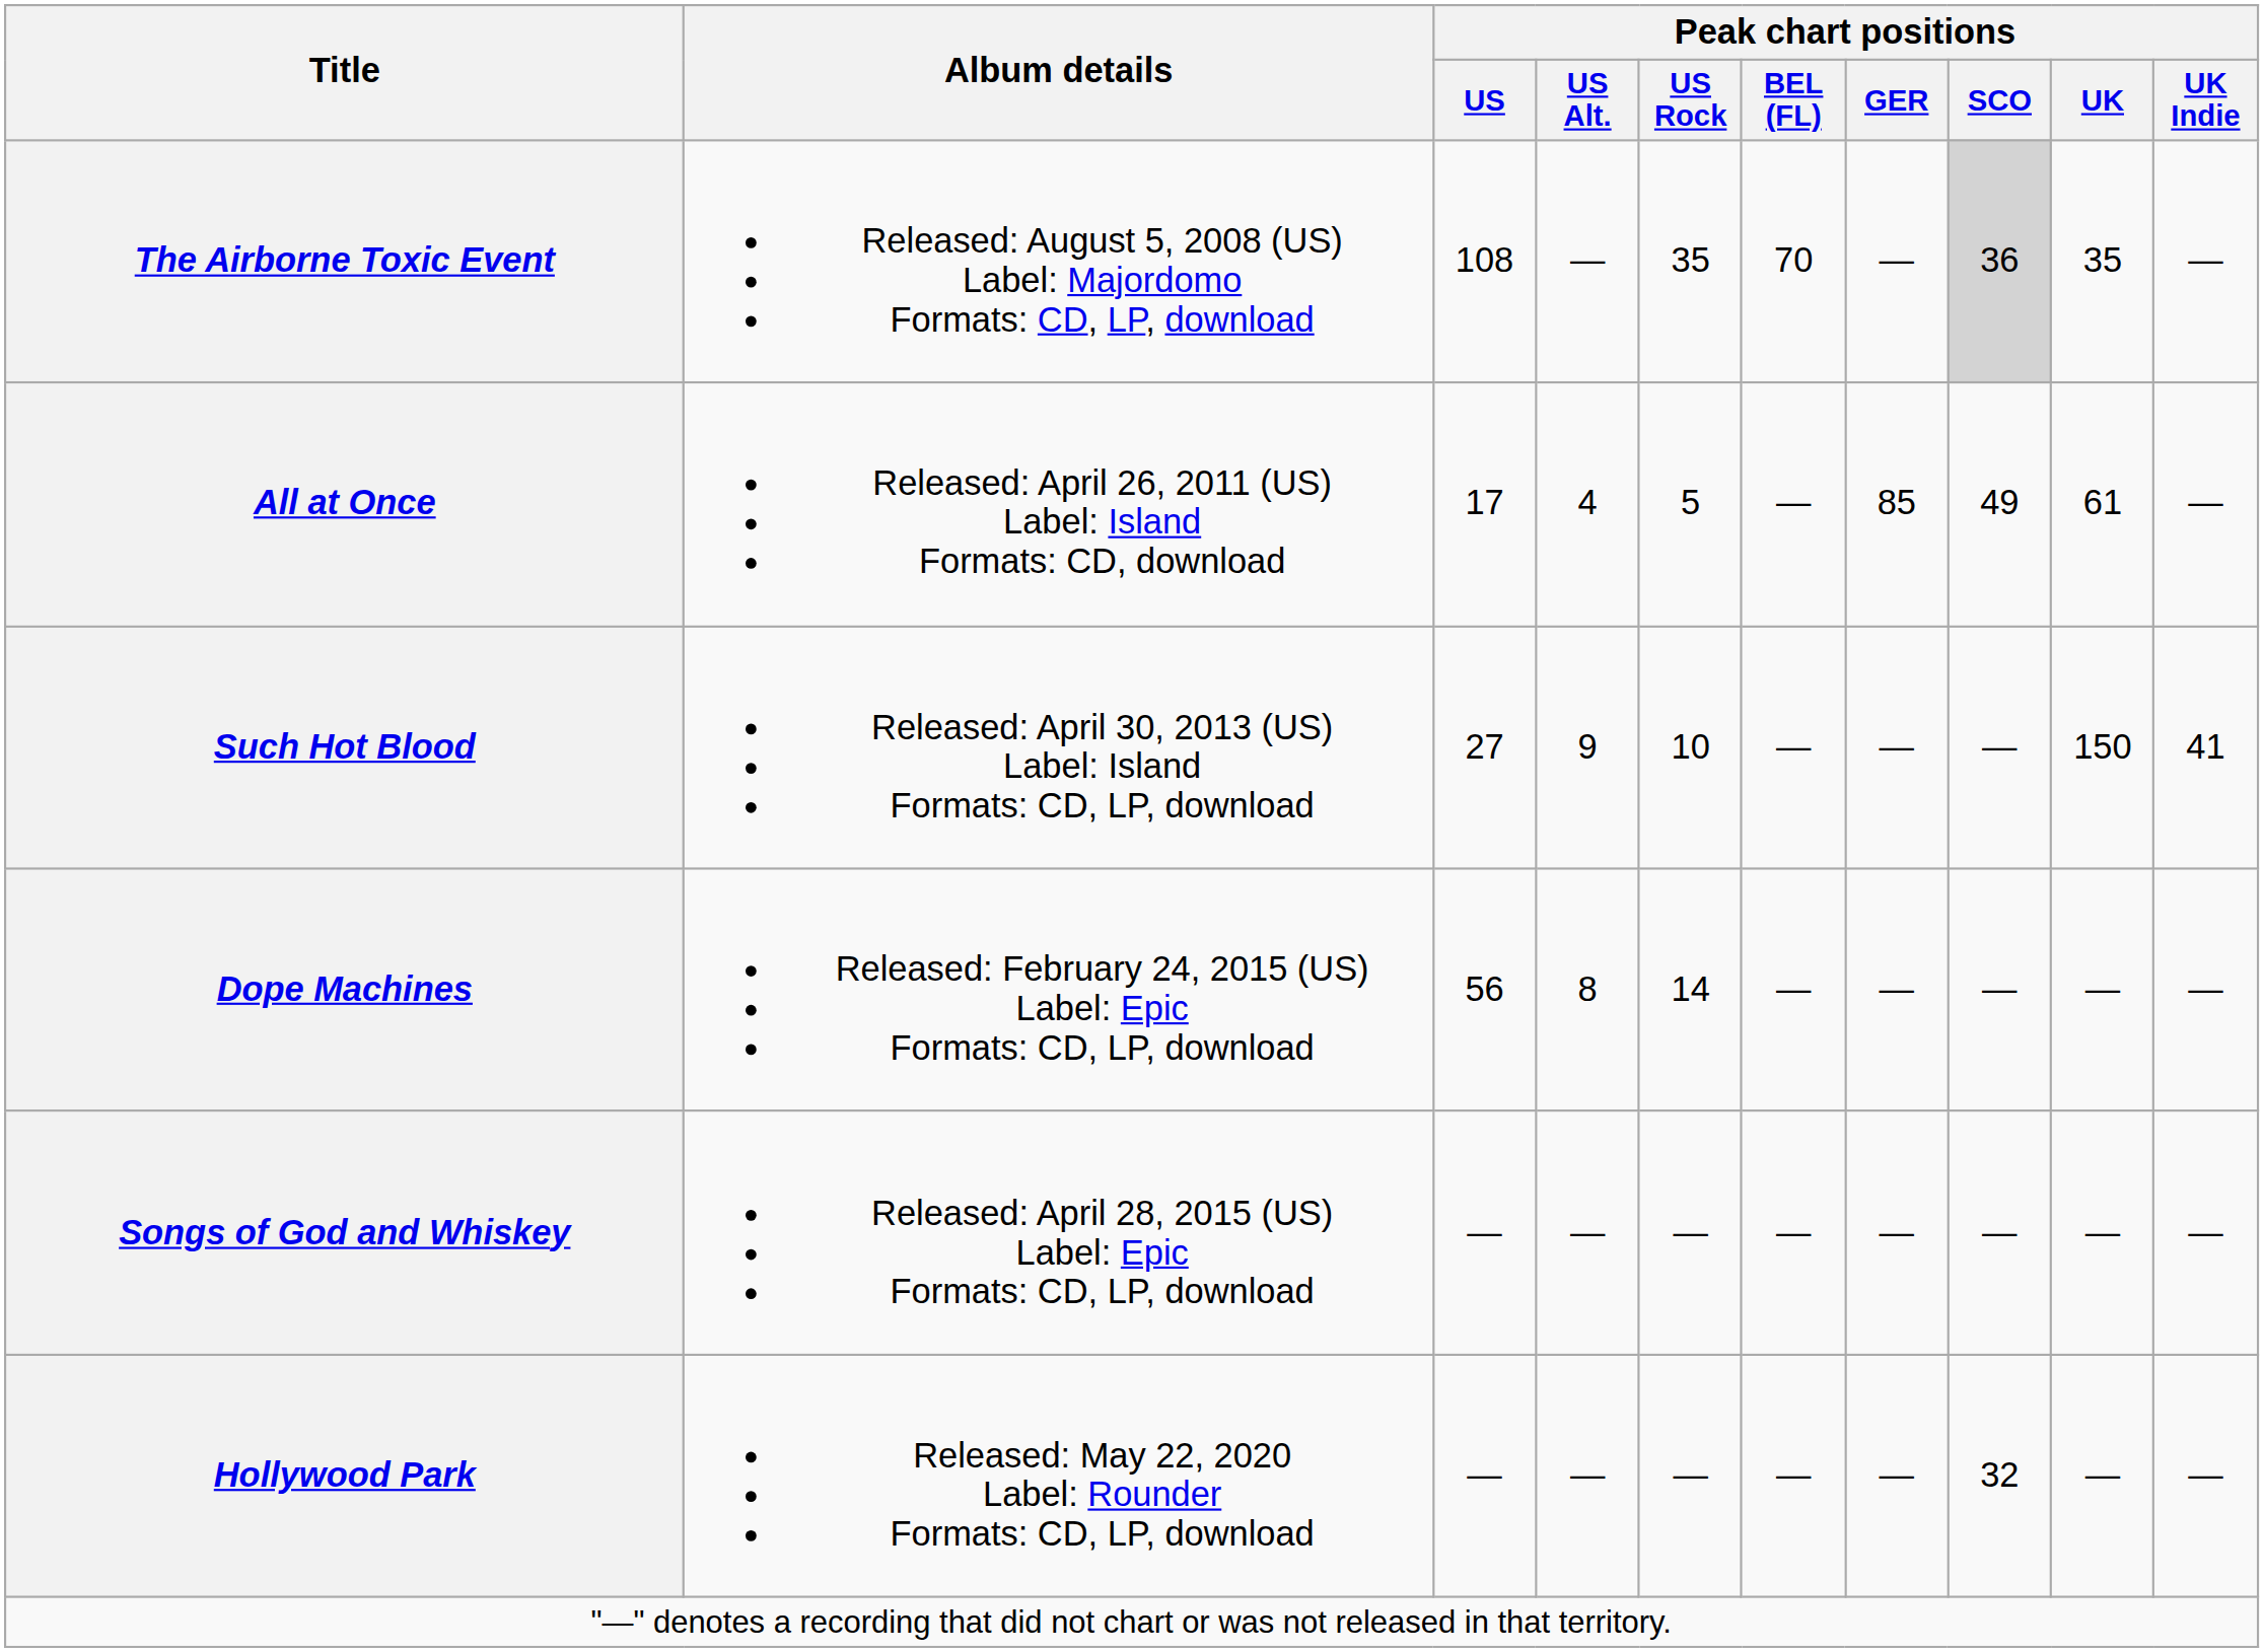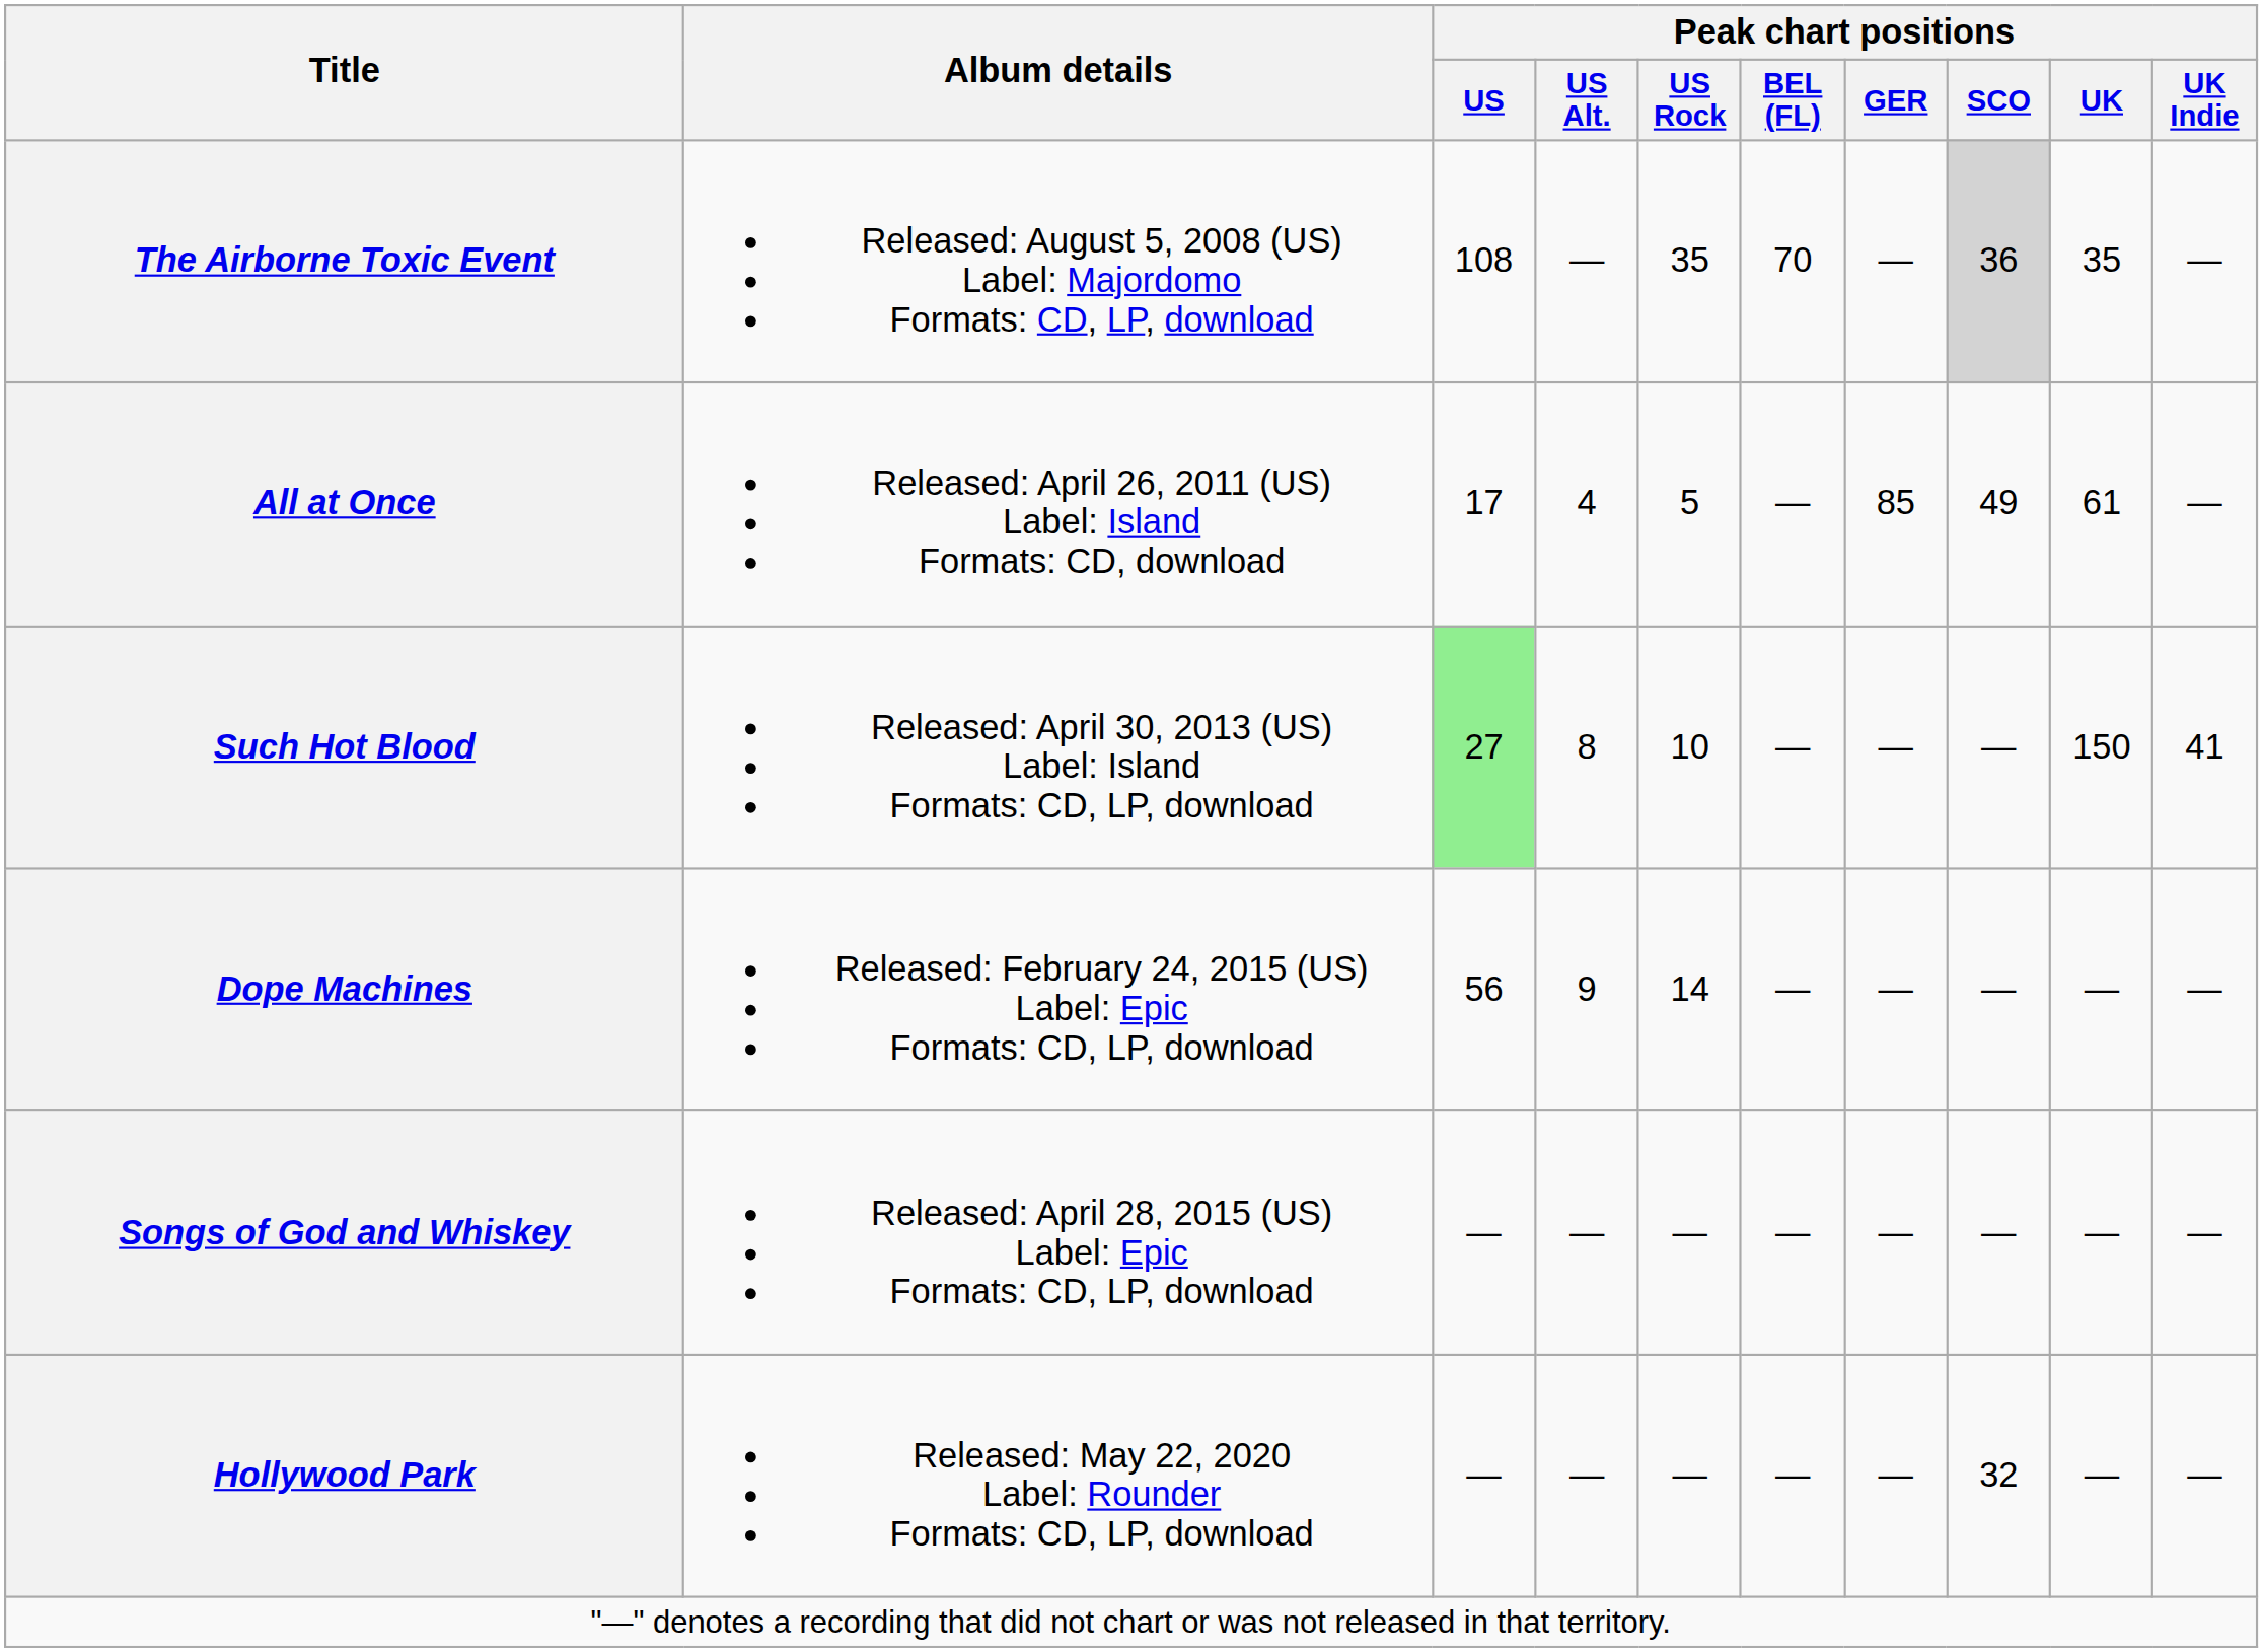 <table class="wikitable plainrowheaders" style="text-align:center;">
 <tr>
 <th scope="col" rowspan="2" style="width:19em;">Title</th>
 <th scope="col" rowspan="2" style="width:21em;">Album details</th>
 <th scope="col" colspan="8">Peak chart positions</th>
 </tr>
 <tr>
 <th scope="col" style="width:3em;font-size:85%;"><a href='#'>US</a><br></th>
 <th scope="col" style="width:3em;font-size:85%;"><a href='#'>US<br>Alt.</a><br></th>
 <th scope="col" style="width:3em;font-size:85%;"><a href='#'>US<br>Rock</a><br></th>
 <th scope="col" style="width:3em;font-size:85%;"><a href='#'>BEL<br>(FL)</a><br></th>
 <th scope="col" style="width:3em;font-size:85%;"><a href='#'>GER</a><br></th>
 <th scope="col" style="width:3em;font-size:85%;"><a href='#'>SCO</a><br></th>
 <th scope="col" style="width:3em;font-size:85%;"><a href='#'>UK</a><br></th>
 <th scope="col" style="width:3em;font-size:85%;"><a href='#'>UK<br>Indie</a><br></th>
 </tr>
 <tr>
 <th scope="row"><em><a href='#'>The Airborne Toxic Event</a></em></th>
 <td><br><ul><li>Released: August 5, 2008 <span>(US)</span></li><li>Label: <a href='#'>Majordomo</a></li><li>Formats: <a href='#'>CD</a>, <a href='#'>LP</a>, <a href='#'>download</a></li></ul></td>
 <td>108</td>
 <td>—</td>
 <td>35</td>
 <td>70</td>
 <td>—</td>
 <td style="background: lightgrey;">36</td>
 <td>35</td>
 <td>—</td>
 </tr>
 <tr>
 <th scope="row"><em><a href='#'>All at Once</a></em></th>
 <td><br><ul><li>Released: April 26, 2011 <span>(US)</span></li><li>Label: <a href='#'>Island</a></li><li>Formats: CD, download</li></ul></td>
 <td>17</td>
 <td>4</td>
 <td>5</td>
 <td>—</td>
 <td>85</td>
 <td>49</td>
 <td>61</td>
 <td>—</td>
 </tr>
 <tr>
 <th scope="row"><em><a href='#'>Such Hot Blood</a></em></th>
 <td><br><ul><li>Released: April 30, 2013 <span>(US)</span></li><li>Label: Island</li><li>Formats: CD, LP, download</li></ul></td>
-<td>27</td>
-<td>9</td>
+<td style="background: lightgreen;">27</td>
+<td>8</td>
 <td>10</td>
 <td>—</td>
 <td>—</td>
 <td>—</td>
 <td>150</td>
 <td>41</td>
 </tr>
 <tr>
 <th scope="row"><em><a href='#'>Dope Machines</a></em></th>
 <td><br><ul><li>Released: February 24, 2015 <span>(US)</span></li><li>Label: <a href='#'>Epic</a></li><li>Formats: CD, LP, download</li></ul></td>
 <td>56</td>
-<td>8</td>
+<td>9</td>
 <td>14</td>
 <td>—</td>
 <td>—</td>
 <td>—</td>
 <td>—</td>
 <td>—</td>
 </tr>
 <tr>
 <th scope="row"><em><a href='#'>Songs of God and Whiskey</a></em></th>
 <td><br><ul><li>Released: April 28, 2015 <span>(US)</span></li><li>Label: <a href='#'>Epic</a></li><li>Formats: CD, LP, download</li></ul></td>
 <td>—</td>
 <td>—</td>
 <td>—</td>
 <td>—</td>
 <td>—</td>
 <td>—</td>
 <td>—</td>
 <td>—</td>
 </tr>
 <tr>
 <th scope="row"><em><a href='#'>Hollywood Park</a></em></th>
 <td><br><ul><li>Released: May 22, 2020</li><li>Label: <a href='#'>Rounder</a></li><li>Formats: CD, LP, download</li></ul></td>
 <td>—</td>
 <td>—</td>
 <td>—</td>
 <td>—</td>
 <td>—</td>
 <td>32</td>
 <td>—</td>
 <td>—</td>
 </tr>
 <tr>
 <td colspan="13" style="font-size:90%">"—" denotes a recording that did not chart or was not released in that territory.</td>
 </tr>
 </table>
